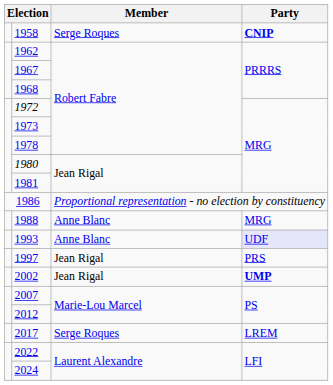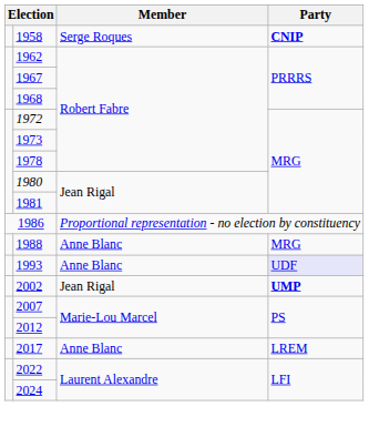 <table class="wikitable">
 <tr>
 <th colspan="2">Election</th>
 <th>Member</th>
 <th>Party</th>
 </tr>
 <tr>
 <td style="color:inherit;background-color: "></td>
 <td><a href='#'>1958</a></td>
 <td><a href='#'>Serge Roques</a></td>
 <td><strong><a href='#'>CNIP</a></strong></td>
 </tr>
 <tr>
 <td rowspan="3" style="color:inherit;background-color: "></td>
 <td><a href='#'>1962</a></td>
 <td rowspan="6"><a href='#'>Robert Fabre</a></td>
 <td rowspan="3"><a href='#'>PRRRS</a></td>
 </tr>
 <tr>
 <td><a href='#'>1967</a></td>
 </tr>
 <tr>
 <td><a href='#'>1968</a></td>
 </tr>
 <tr>
 <td rowspan="5" style="color:inherit;background-color: "></td>
 <td><em>1972</em></td>
 <td rowspan="5"><a href='#'>MRG</a></td>
 </tr>
 <tr>
 <td><a href='#'>1973</a></td>
 </tr>
 <tr>
 <td><a href='#'>1978</a></td>
 </tr>
 <tr>
 <td><em>1980</em></td>
 <td rowspan="2">Jean Rigal</td>
 </tr>
 <tr>
 <td><a href='#'>1981</a></td>
 </tr>
 <tr>
 <td colspan="2" align="center"><a href='#'>1986</a></td>
 <td colspan="2"><em><a href='#'>Proportional representation</a> - no election by constituency</em></td>
 </tr>
 <tr>
 <td style="color:inherit;background-color: "></td>
 <td><a href='#'>1988</a></td>
 <td><a href='#'>Anne Blanc</a></td>
 <td><a href='#'>MRG</a></td>
 </tr>
 <tr>
 <td style="color:inherit;background-color: "></td>
 <td><a href='#'>1993</a></td>
 <td><a href='#'>Anne Blanc</a></td>
 <td style="background: lavender;"><a href='#'>UDF</a></td>
 </tr>
 <tr>
 <td style="color:inherit;background-color: "></td>
-<td><a href='#'>1997</a></td>
-<td>Jean Rigal</td>
-<td><a href='#'>PRS</a></td>
-</tr>
-<tr>
-<td style="color:inherit;background-color: "></td>
 <td><a href='#'>2002</a></td>
 <td>Jean Rigal</td>
 <td><strong><a href='#'>UMP</a></strong></td>
 </tr>
 <tr>
 <td rowspan="2" style="color:inherit;background-color: "></td>
 <td><a href='#'>2007</a></td>
 <td rowspan="2"><a href='#'>Marie-Lou Marcel</a></td>
 <td rowspan="2"><a href='#'>PS</a></td>
 </tr>
 <tr>
 <td><a href='#'>2012</a></td>
 </tr>
 <tr>
 <td style="color:inherit;background-color: "></td>
 <td><a href='#'>2017</a></td>
-<td><a href='#'>Serge Roques</a></td>
+<td><a href='#'>Anne Blanc</a></td>
 <td><a href='#'>LREM</a></td>
 </tr>
 <tr>
 <td rowspan="2" style="color:inherit;background-color: "></td>
 <td><a href='#'>2022</a></td>
 <td rowspan="2"><a href='#'>Laurent Alexandre</a></td>
 <td rowspan="2"><a href='#'>LFI</a></td>
 </tr>
 <tr>
 <td><a href='#'>2024</a></td>
 </tr>
 </table>
